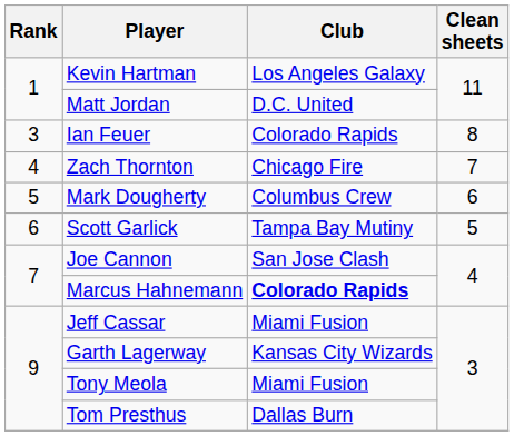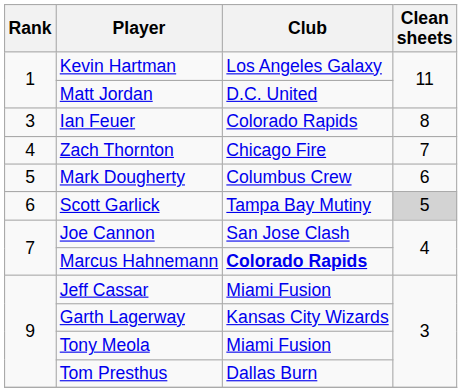 <table class="wikitable" style="text-align:center">
 <tr>
 <th>Rank</th>
 <th>Player</th>
 <th>Club</th>
 <th>Clean<br>sheets</th>
 </tr>
 <tr>
 <td rowspan="2">1</td>
 <td align="left"> <a href='#'>Kevin Hartman</a></td>
 <td align="left"><a href='#'>Los Angeles Galaxy</a></td>
 <td rowspan="2">11</td>
 </tr>
 <tr>
 <td align="left"> <a href='#'>Matt Jordan</a></td>
 <td align="left"><a href='#'>D.C. United</a></td>
 </tr>
 <tr>
 <td>3</td>
 <td align="left"> <a href='#'>Ian Feuer</a></td>
 <td align="left"><a href='#'>Colorado Rapids</a></td>
 <td>8</td>
 </tr>
 <tr>
 <td>4</td>
 <td align="left"> <a href='#'>Zach Thornton</a></td>
 <td align="left"><a href='#'>Chicago Fire</a></td>
 <td>7</td>
 </tr>
 <tr>
 <td>5</td>
 <td align="left"> <a href='#'>Mark Dougherty</a></td>
 <td align="left"><a href='#'>Columbus Crew</a></td>
 <td>6</td>
 </tr>
 <tr>
 <td>6</td>
 <td align="left"> <a href='#'>Scott Garlick</a></td>
 <td align="left"><a href='#'>Tampa Bay Mutiny</a></td>
-<td>5</td>
+<td style="background: lightgrey;">5</td>
 </tr>
 <tr>
 <td rowspan="2">7</td>
 <td align="left"> <a href='#'>Joe Cannon</a></td>
 <td align="left"><a href='#'>San Jose Clash</a></td>
 <td rowspan="2">4</td>
 </tr>
 <tr>
 <td align="left"> <a href='#'>Marcus Hahnemann</a></td>
 <td align="left"><strong><a href='#'>Colorado Rapids</a></strong></td>
 </tr>
 <tr>
 <td rowspan="4">9</td>
 <td align="left"> <a href='#'>Jeff Cassar</a></td>
 <td align="left"><a href='#'>Miami Fusion</a></td>
 <td rowspan="4">3</td>
 </tr>
 <tr>
 <td align="left"> <a href='#'>Garth Lagerway</a></td>
 <td align="left"><a href='#'>Kansas City Wizards</a></td>
 </tr>
 <tr>
 <td align="left"> <a href='#'>Tony Meola</a></td>
 <td align="left"><a href='#'>Miami Fusion</a></td>
 </tr>
 <tr>
 <td align="left"> <a href='#'>Tom Presthus</a></td>
 <td align="left"><a href='#'>Dallas Burn</a></td>
 </tr>
 <tr>
 </tr>
 </table>
